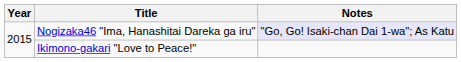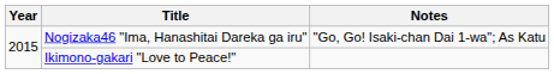 <table class="wikitable">
 <tr>
 <th>Year</th>
 <th>Title</th>
 <th>Notes</th>
 </tr>
 <tr>
 <td rowspan="2">2015</td>
 <td><a href='#'>Nogizaka46</a> "Ima, Hanashitai Dareka ga iru"</td>
-<td style="background: lavender;">"Go, Go! Isaki-chan Dai 1-wa"; As Katu</td>
+<td>"Go, Go! Isaki-chan Dai 1-wa"; As Katu</td>
 </tr>
 <tr>
 <td><a href='#'>Ikimono-gakari</a> "Love to Peace!"</td>
 <td></td>
 </tr>
 </table>
